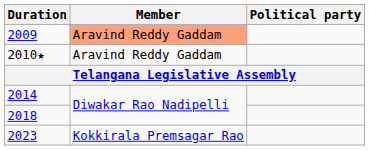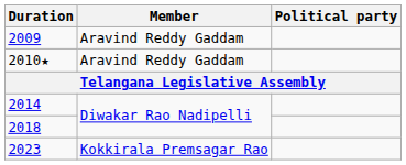 <table class="wikitable">
 <tr>
 <th>Duration</th>
 <th>Member</th>
 <th colspan="2">Political party</th>
 </tr>
 <tr>
 <td><a href='#'>2009</a></td>
-<td style="background: lightsalmon;">Aravind Reddy Gaddam</td>
+<td>Aravind Reddy Gaddam</td>
 <td></td>
 </tr>
 <tr>
 <td>2010★</td>
 <td>Aravind Reddy Gaddam</td>
 </tr>
 <tr>
 <th colspan=4><a href='#'>Telangana Legislative Assembly</a></th>
 </tr>
 <tr>
 <td><a href='#'>2014</a></td>
 <td rowspan=2><a href='#'>Diwakar Rao Nadipelli</a></td>
 <td></td>
 </tr>
 <tr>
 <td><a href='#'>2018</a></td>
 </tr>
 <tr>
 <td><a href='#'>2023</a></td>
 <td><a href='#'>Kokkirala Premsagar Rao</a></td>
 <td></td>
 </tr>
 </table>
